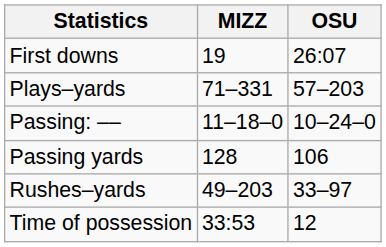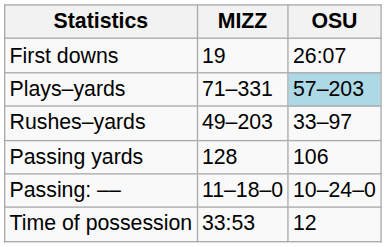 <table class="wikitable" style="float:left">
 <tr>
 <th>Statistics</th>
 <th>MIZZ</th>
 <th>OSU</th>
 </tr>
 <tr>
 <td>First downs</td>
 <td>19</td>
 <td>26:07</td>
 </tr>
 <tr>
 <td>Plays–yards</td>
 <td>71–331</td>
-<td>57–203</td>
+<td style="background: lightblue;">57–203</td>
+</tr>
+<tr>
+<td>Rushes–yards</td>
+<td>49–203</td>
+<td>33–97</td>
+</tr>
+<tr>
+<td>Passing yards</td>
+<td>128</td>
+<td>106</td>
 </tr>
 <tr>
 <td>Passing: ––</td>
 <td>11–18–0</td>
 <td>10–24–0</td>
 </tr>
 <tr>
-<td>Passing yards</td>
-<td>128</td>
-<td>106</td>
-</tr>
-<tr>
-<td>Rushes–yards</td>
-<td>49–203</td>
-<td>33–97</td>
-</tr>
-<tr>
 <td>Time of possession</td>
 <td>33:53</td>
 <td>12</td>
 </tr>
 </table>
